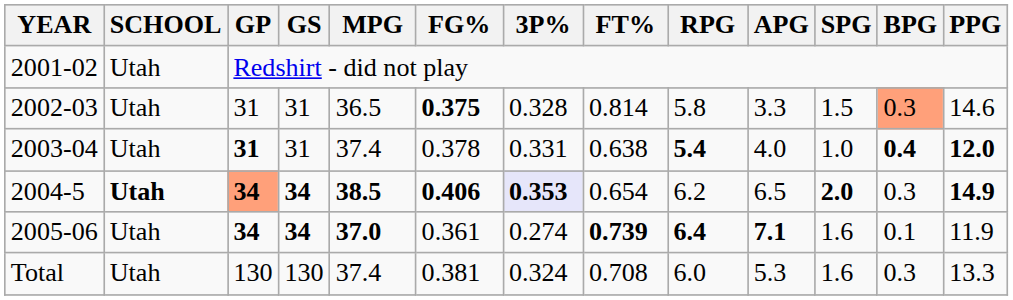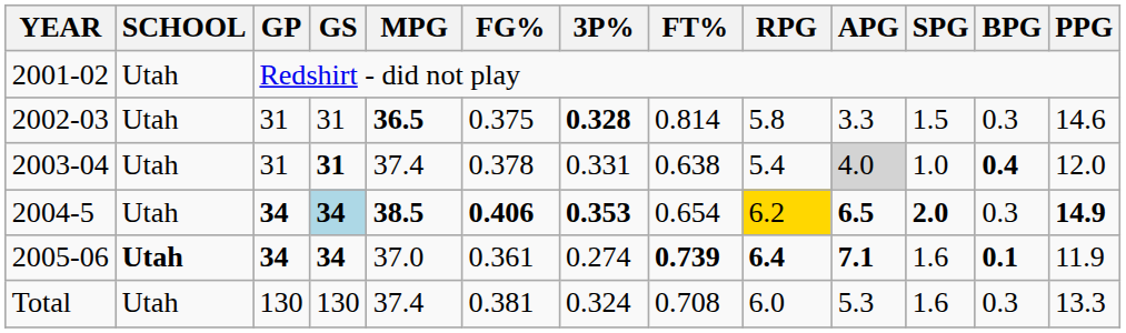 <table class="wikitable">
 <tr>
 <th>YEAR</th>
 <th>SCHOOL</th>
 <th>GP</th>
 <th>GS</th>
 <th> MPG </th>
 <th> FG% </th>
 <th> 3P% </th>
 <th> FT% </th>
 <th> RPG </th>
 <th>APG</th>
 <th>SPG</th>
 <th>BPG</th>
 <th>PPG</th>
 </tr>
 <tr>
 <td>2001-02</td>
 <td>Utah</td>
 <td colspan="11"><a href='#'>Redshirt</a> - did not play</td>
 </tr>
 <tr>
 <td>2002-03</td>
 <td>Utah</td>
 <td>31</td>
 <td>31</td>
-<td>36.5</td>
-<td><strong>0.375</strong></td>
-<td>0.328</td>
+<td><strong>36.5</strong></td>
+<td>0.375</td>
+<td><strong>0.328</strong></td>
 <td>0.814</td>
 <td>5.8</td>
 <td>3.3</td>
 <td>1.5</td>
-<td style="background: lightsalmon;">0.3</td>
+<td>0.3</td>
 <td>14.6</td>
 </tr>
 <tr>
 <td>2003-04</td>
 <td>Utah</td>
+<td>31</td>
 <td><strong>31</strong></td>
-<td>31</td>
 <td>37.4</td>
 <td>0.378</td>
 <td>0.331</td>
 <td>0.638</td>
-<td><strong>5.4</strong></td>
-<td>4.0</td>
+<td>5.4</td>
+<td style="background: lightgrey;">4.0</td>
 <td>1.0</td>
 <td><strong>0.4</strong></td>
-<td><strong>12.0</strong></td>
+<td>12.0</td>
 </tr>
 <tr>
 <td>2004-5</td>
-<td><strong>Utah</strong></td>
-<td style="background: lightsalmon;"><strong>34</strong></td>
+<td>Utah</td>
 <td><strong>34</strong></td>
+<td style="background: lightblue;"><strong>34</strong></td>
 <td><strong>38.5</strong></td>
 <td><strong>0.406</strong></td>
-<td style="background: lavender;"><strong>0.353</strong></td>
+<td><strong>0.353</strong></td>
 <td>0.654</td>
-<td>6.2</td>
-<td>6.5</td>
+<td style="background: gold;">6.2</td>
+<td><strong>6.5</strong></td>
 <td><strong>2.0</strong></td>
 <td>0.3</td>
 <td><strong>14.9</strong></td>
 </tr>
 <tr>
 <td>2005-06</td>
-<td>Utah</td>
+<td><strong>Utah</strong></td>
 <td><strong>34</strong></td>
 <td><strong>34</strong></td>
-<td><strong>37.0</strong></td>
+<td>37.0</td>
 <td>0.361</td>
 <td>0.274</td>
 <td><strong>0.739</strong></td>
 <td><strong>6.4</strong></td>
 <td><strong>7.1</strong></td>
 <td>1.6</td>
-<td>0.1</td>
+<td><strong>0.1</strong></td>
 <td>11.9</td>
 </tr>
 <tr>
 <td>Total</td>
 <td>Utah</td>
 <td>130</td>
 <td>130</td>
 <td>37.4</td>
 <td>0.381</td>
 <td>0.324</td>
 <td>0.708</td>
 <td>6.0</td>
 <td>5.3</td>
 <td>1.6</td>
 <td>0.3</td>
 <td>13.3</td>
 </tr>
 </table>
